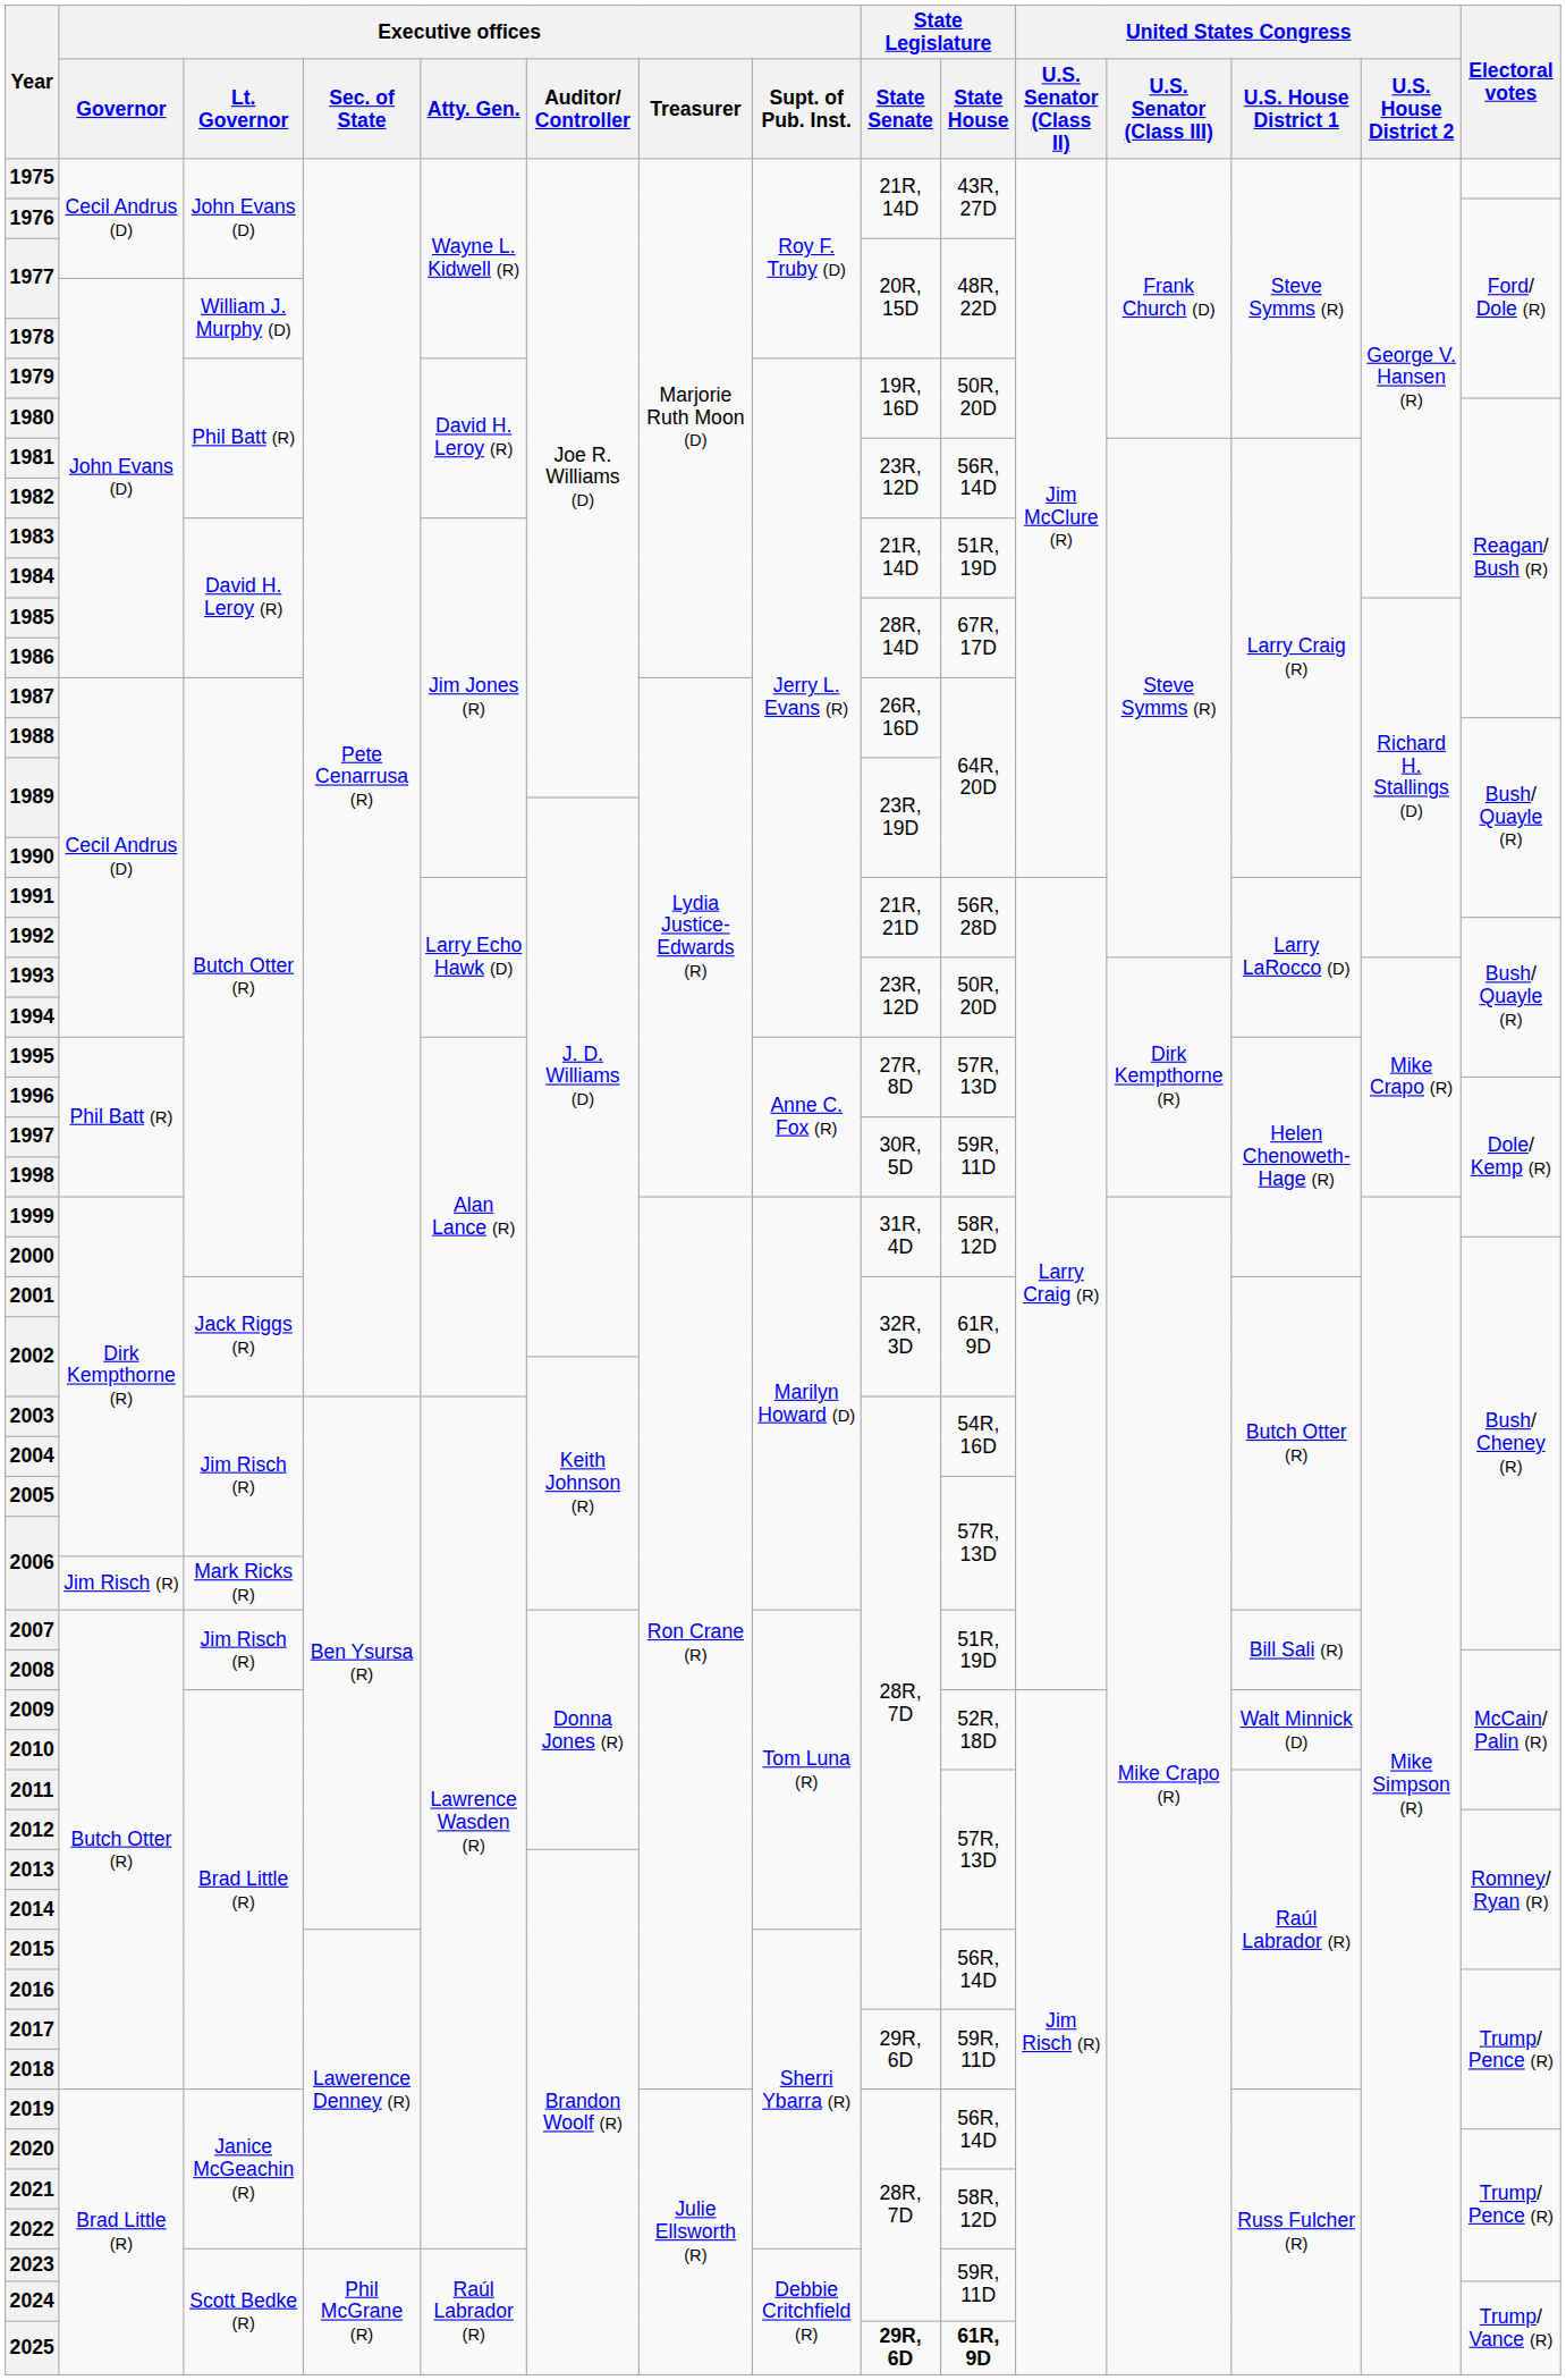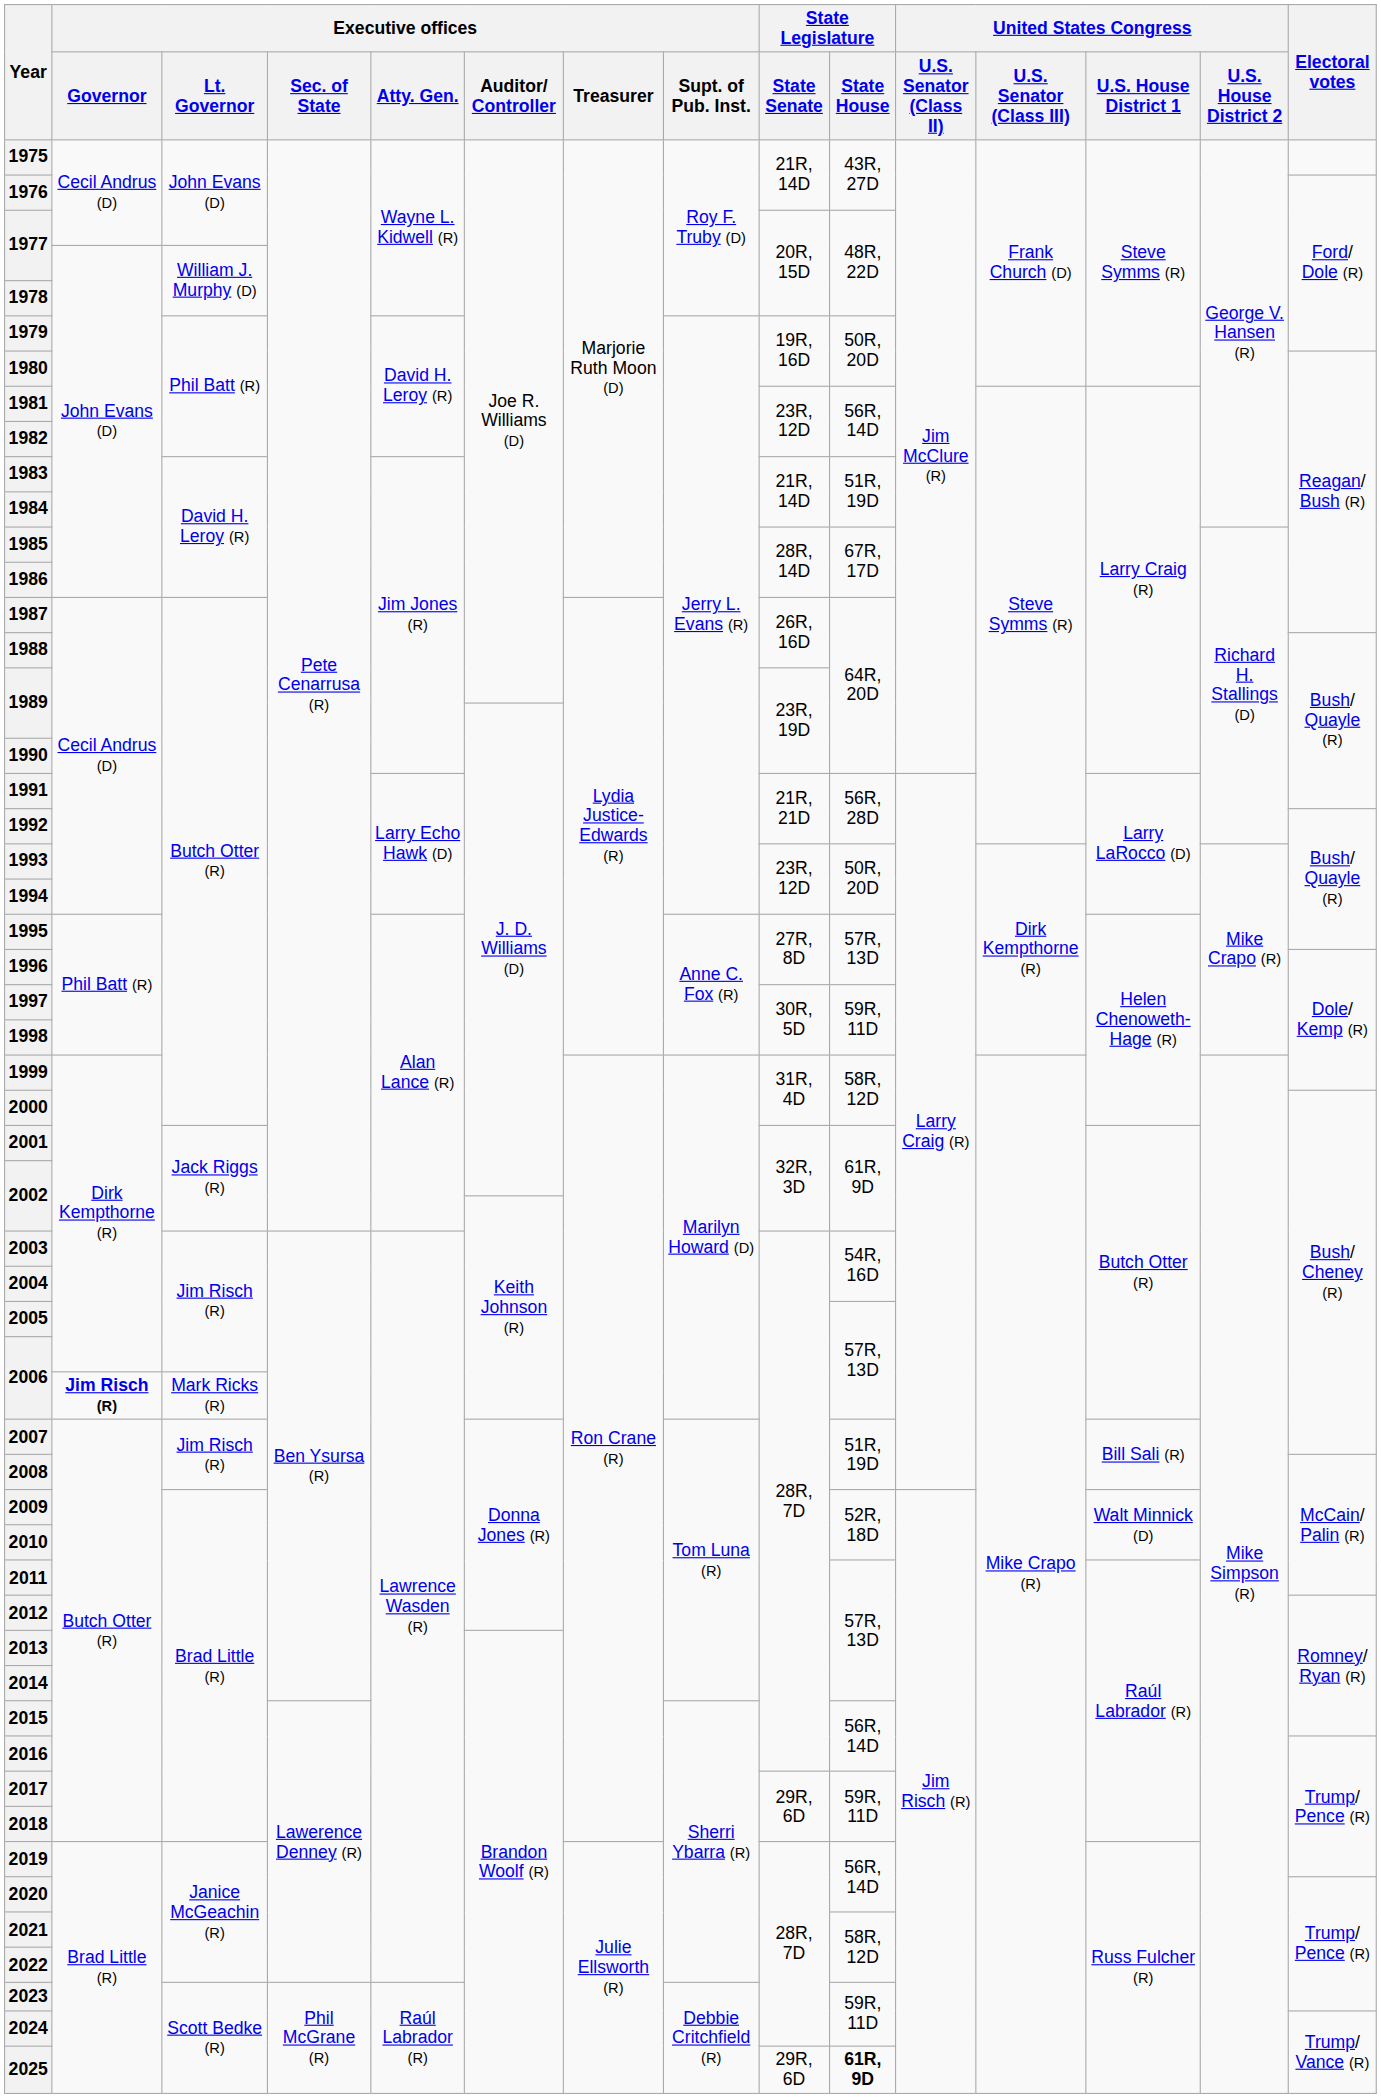 <table class="wikitable sortable sticky-header-multi" style=text-align:center>
 <tr>
 <th rowspan=2 class=unsortable>Year</th>
 <th colspan="7">Executive offices</th>
 <th colspan=2><a href='#'>State Legislature</a></th>
 <th colspan=4><a href='#'>United States Congress</a></th>
 <th rowspan=2 class=unsortable><a href='#'>Electoral votes</a></th>
 </tr>
 <tr style="height:2em">
 <th class=unsortable><a href='#'>Governor</a></th>
 <th class=unsortable><a href='#'>Lt. Governor</a></th>
 <th class=unsortable><a href='#'>Sec. of State</a></th>
 <th class=unsortable><a href='#'>Atty. Gen.</a></th>
 <th class=unsortable>Auditor/<br><a href='#'>Controller</a></th>
 <th class=unsortable>Treasurer</th>
 <th class=unsortable>Supt. of Pub. Inst.</th>
 <th class=unsortable><a href='#'>State Senate</a></th>
 <th class=unsortable><a href='#'>State House</a></th>
 <th class=unsortable><a href='#'>U.S. Senator<br>(Class II)</a></th>
 <th class=unsortable><a href='#'>U.S. Senator<br>(Class III)</a></th>
 <th class=unsortable><a href='#'>U.S. House<br>District 1</a></th>
 <th class=unsortable><a href='#'>U.S. House<br>District 2</a></th>
 </tr>
 <tr style="height:2em">
 <th>1975</th>
 <td rowspan=3 ><a href='#'>Cecil Andrus</a> <small>(D)</small></td>
 <td rowspan=3 ><a href='#'>John Evans</a> <small>(D)</small></td>
 <td rowspan=31 ><a href='#'>Pete Cenarrusa</a> <small>(R)</small></td>
 <td rowspan=5 ><a href='#'>Wayne L. Kidwell</a> <small>(R)</small></td>
 <td rowspan=16 >Joe R. Williams <small>(D)</small></td>
 <td rowspan=13 >Marjorie Ruth Moon <small>(D)</small></td>
 <td rowspan=5 ><a href='#'>Roy F. Truby</a> <small>(D)</small></td>
 <td rowspan=2 >21R, 14D</td>
 <td rowspan=2 >43R, 27D</td>
 <td rowspan=18 ><a href='#'>Jim McClure</a> <small>(R)</small></td>
 <td rowspan=7 ><a href='#'>Frank Church</a> <small>(D)</small></td>
 <td rowspan=7 ><a href='#'>Steve Symms</a> <small>(R)</small></td>
 <td rowspan=11 ><a href='#'>George V. Hansen</a> <small>(R)</small></td>
 <td></td>
 </tr>
 <tr style="height:2em">
 <th>1976</th>
 <td rowspan=5 ><a href='#'>Ford</a>/<br><a href='#'>Dole</a> <small>(R)</small> </td>
 </tr>
 <tr style="height:2em">
 <th rowspan=2>1977</th>
 <td rowspan=3 >20R, 15D</td>
 <td rowspan=3 >48R, 22D</td>
 </tr>
 <tr style="height:2em">
 <td rowspan=10 ><a href='#'>John Evans</a> <small>(D)</small></td>
 <td rowspan=2 ><a href='#'>William J. Murphy</a> <small>(D)</small></td>
 </tr>
 <tr style="height:2em">
 <th>1978</th>
 </tr>
 <tr style="height:2em">
 <th>1979</th>
 <td rowspan=4 ><a href='#'>Phil Batt</a> <small>(R)</small></td>
 <td rowspan=4 ><a href='#'>David H. Leroy</a> <small>(R)</small></td>
 <td rowspan=17 ><a href='#'>Jerry L. Evans</a> <small>(R)</small></td>
 <td rowspan=2 >19R, 16D</td>
 <td rowspan=2 >50R, 20D</td>
 </tr>
 <tr style="height:2em">
 <th>1980</th>
 <td rowspan=8 ><a href='#'>Reagan</a>/<br><a href='#'>Bush</a> <small>(R)</small> </td>
 </tr>
 <tr style="height:2em">
 <th>1981</th>
 <td rowspan=2 >23R, 12D</td>
 <td rowspan=2 >56R, 14D</td>
 <td rowspan=13 ><a href='#'>Steve Symms</a> <small>(R)</small></td>
 <td rowspan=11 ><a href='#'>Larry Craig</a> <small>(R)</small></td>
 </tr>
 <tr style="height:2em">
 <th>1982</th>
 </tr>
 <tr style="height:2em">
 <th>1983</th>
 <td rowspan=4 ><a href='#'>David H. Leroy</a> <small>(R)</small></td>
 <td rowspan=9 ><a href='#'>Jim Jones</a> <small>(R)</small></td>
 <td rowspan=2 >21R, 14D</td>
 <td rowspan=2 >51R, 19D</td>
 </tr>
 <tr style="height:2em">
 <th>1984</th>
 </tr>
 <tr style="height:2em">
 <th>1985</th>
 <td rowspan=2 >28R, 14D</td>
 <td rowspan=2 >67R, 17D</td>
 <td rowspan=9 ><a href='#'>Richard H. Stallings</a> <small>(D)</small></td>
 </tr>
 <tr style="height:2em">
 <th>1986</th>
 </tr>
 <tr style="height:2em">
 <th>1987</th>
 <td rowspan=9 ><a href='#'>Cecil Andrus</a> <small>(D)</small></td>
 <td rowspan=15 ><a href='#'>Butch Otter</a> <small>(R)</small></td>
 <td rowspan=13 ><a href='#'>Lydia Justice-Edwards</a> <small>(R)</small></td>
 <td rowspan=2 >26R, 16D</td>
 <td rowspan=5 >64R, 20D</td>
 </tr>
 <tr style="height:2em">
 <th>1988</th>
 <td rowspan=5 ><a href='#'>Bush</a>/<br><a href='#'>Quayle</a> <small>(R)</small> </td>
 </tr>
 <tr style="height:2em">
 <th rowspan=2>1989</th>
 <td rowspan=3 >23R, 19D</td>
 </tr>
 <tr style="height:2em">
 <td rowspan=14 ><a href='#'>J. D. Williams</a> <small>(D)</small></td>
 </tr>
 <tr style="height:2em">
 <th>1990</th>
 </tr>
 <tr style="height:2em">
 <th>1991</th>
 <td rowspan=4 ><a href='#'>Larry Echo Hawk</a> <small>(D)</small></td>
 <td rowspan=2 >21R, 21D</td>
 <td rowspan=2 >56R, 28D</td>
 <td rowspan=20 ><a href='#'>Larry Craig</a> <small>(R)</small></td>
 <td rowspan=4 ><a href='#'>Larry LaRocco</a> <small>(D)</small></td>
 </tr>
 <tr style="height:2em">
 <th>1992</th>
 <td rowspan=4 ><a href='#'>Bush</a>/<br><a href='#'>Quayle</a> <small>(R)</small> </td>
 </tr>
 <tr style="height:2em">
 <th>1993</th>
 <td rowspan=2 >23R, 12D</td>
 <td rowspan=2 >50R, 20D</td>
 <td rowspan=6 ><a href='#'>Dirk Kempthorne</a> <small>(R)</small></td>
 <td rowspan=6 ><a href='#'>Mike Crapo</a> <small>(R)</small></td>
 </tr>
 <tr style="height:2em">
 <th>1994</th>
 </tr>
 <tr style="height:2em">
 <th>1995</th>
 <td rowspan=4 ><a href='#'>Phil Batt</a> <small>(R)</small></td>
 <td rowspan=9 ><a href='#'>Alan Lance</a> <small>(R)</small></td>
 <td rowspan=4 ><a href='#'>Anne C. Fox</a> <small>(R)</small></td>
 <td rowspan=2 >27R, 8D</td>
 <td rowspan=2 >57R, 13D</td>
 <td rowspan=6 ><a href='#'>Helen Chenoweth-Hage</a> <small>(R)</small></td>
 </tr>
 <tr style="height:2em">
 <th>1996</th>
 <td rowspan=4 ><a href='#'>Dole</a>/<br><a href='#'>Kemp</a> <small>(R)</small> </td>
 </tr>
 <tr style="height:2em">
 <th>1997</th>
 <td rowspan=2 >30R, 5D</td>
 <td rowspan=2 >59R, 11D</td>
 </tr>
 <tr style="height:2em">
 <th>1998</th>
 </tr>
 <tr style="height:2em">
 <th>1999</th>
 <td rowspan=9 ><a href='#'>Dirk Kempthorne</a> <small>(R)</small></td>
 <td rowspan=22 ><a href='#'>Ron Crane</a> <small>(R)</small></td>
 <td rowspan=10 ><a href='#'>Marilyn Howard</a> <small>(D)</small></td>
 <td rowspan=2 >31R, 4D</td>
 <td rowspan=2 >58R, 12D</td>
 <td rowspan=29 ><a href='#'>Mike Crapo</a> <small>(R)</small></td>
 <td rowspan=29 ><a href='#'>Mike Simpson</a> <small>(R)</small></td>
 </tr>
 <tr style="height:2em">
 <th>2000</th>
 <td rowspan=10 ><a href='#'>Bush</a>/<br><a href='#'>Cheney</a> <small>(R)</small> </td>
 </tr>
 <tr style="height:2em">
 <th>2001</th>
 <td rowspan=3 ><a href='#'>Jack Riggs</a> <small>(R)</small></td>
 <td rowspan=3 >32R, 3D</td>
 <td rowspan=3 >61R, 9D</td>
 <td rowspan=8 ><a href='#'>Butch Otter</a> <small>(R)</small></td>
 </tr>
 <tr style="height:2em">
 <th rowspan=2>2002</th>
 </tr>
 <tr style="height:2em">
 <td rowspan=6 ><a href='#'>Keith Johnson</a> <small>(R)</small></td>
 </tr>
 <tr style="height:2em">
 <th>2003</th>
 <td rowspan=4 ><a href='#'>Jim Risch</a> <small>(R)</small></td>
 <td rowspan=13 ><a href='#'>Ben Ysursa</a> <small>(R)</small></td>
 <td rowspan=21 ><a href='#'>Lawrence Wasden</a> <small>(R)</small></td>
 <td rowspan=15 >28R, 7D</td>
 <td rowspan=2 >54R, 16D</td>
 </tr>
 <tr style="height:2em">
 <th>2004</th>
 </tr>
 <tr style="height:2em">
 <th>2005</th>
 <td rowspan=3 >57R, 13D</td>
 </tr>
 <tr style="height:2em">
 <th rowspan=2>2006</th>
 </tr>
 <tr style="height:2em">
-<td><a href='#'>Jim Risch</a> <small>(R)</small></td>
+<td><strong><a href='#'>Jim Risch</a> <small>(R)</small></strong></td>
 <td><a href='#'>Mark Ricks</a> <small>(R)</small></td>
 </tr>
 <tr style="height:2em">
 <th>2007</th>
 <td rowspan=12 ><a href='#'>Butch Otter</a> <small>(R)</small></td>
 <td rowspan=2 ><a href='#'>Jim Risch</a> <small>(R)</small></td>
 <td rowspan=6 ><a href='#'>Donna Jones</a> <small>(R)</small></td>
 <td rowspan=8 ><a href='#'>Tom Luna</a> <small>(R)</small></td>
 <td rowspan=2 >51R, 19D</td>
 <td rowspan=2 ><a href='#'>Bill Sali</a> <small>(R)</small></td>
 </tr>
 <tr style="height:2em">
 <th>2008</th>
 <td rowspan=4 ><a href='#'>McCain</a>/<br><a href='#'>Palin</a> <small>(R)</small> </td>
 </tr>
 <tr style="height:2em">
 <th>2009</th>
 <td rowspan=10 ><a href='#'>Brad Little</a> <small>(R)</small></td>
 <td rowspan=2 >52R, 18D</td>
 <td rowspan=17 ><a href='#'>Jim Risch</a> <small>(R)</small></td>
 <td rowspan=2 ><a href='#'>Walt Minnick</a> <small>(D)</small></td>
 </tr>
 <tr style="height:2em">
 <th>2010</th>
 </tr>
 <tr style="height:2em">
 <th>2011</th>
 <td rowspan=4 >57R, 13D</td>
 <td rowspan=8 ><a href='#'>Raúl Labrador</a> <small>(R)</small></td>
 </tr>
 <tr style="height:2em">
 <th>2012</th>
 <td rowspan=4 ><a href='#'>Romney</a>/<br><a href='#'>Ryan</a> <small>(R)</small> </td>
 </tr>
 <tr style="height:2em">
 <th>2013</th>
 <td rowspan=13 ><a href='#'>Brandon Woolf</a> <small>(R)</small></td>
 </tr>
 <tr style="height:2em">
 <th>2014</th>
 </tr>
 <tr style="height:2em">
 <th>2015</th>
 <td rowspan=8 ><a href='#'>Lawerence Denney</a> <small>(R)</small></td>
 <td rowspan=8 ><a href='#'>Sherri Ybarra</a> <small>(R)</small></td>
 <td rowspan=2 >56R, 14D</td>
 </tr>
 <tr style="height:2em">
 <th>2016</th>
 <td rowspan=4 ><a href='#'>Trump</a>/<br><a href='#'>Pence</a> <small>(R)</small> </td>
 </tr>
 <tr style="height:2em">
 <th>2017</th>
 <td rowspan=2 >29R, 6D</td>
 <td rowspan=2 >59R, 11D</td>
 </tr>
 <tr style="height:2em">
 <th>2018</th>
 </tr>
 <tr style="height:2em">
 <th>2019</th>
 <td rowspan=7 ><a href='#'>Brad Little</a> <small>(R)</small></td>
 <td rowspan=4 ><a href='#'>Janice McGeachin</a> <small>(R)</small></td>
 <td rowspan=7 ><a href='#'>Julie Ellsworth</a> <small>(R)</small></td>
 <td rowspan=6 >28R, 7D</td>
 <td rowspan=2 >56R, 14D</td>
 <td rowspan=7 ><a href='#'>Russ Fulcher</a> <small>(R)</small></td>
 </tr>
 <tr style="height:2em">
 <th>2020</th>
 <td rowspan=4 ><a href='#'>Trump</a>/<br><a href='#'>Pence</a> <small>(R)</small> </td>
 </tr>
 <tr style="height:2em">
 <th>2021</th>
 <td rowspan=2 >58R, 12D</td>
 </tr>
 <tr style="height:2em">
 <th>2022</th>
 </tr>
 <tr>
 <th>2023</th>
 <td rowspan=3 ><a href='#'>Scott Bedke</a> <small>(R)</small></td>
 <td rowspan=3 ><a href='#'>Phil McGrane</a> <small>(R)</small></td>
 <td rowspan=3 ><a href='#'>Raúl Labrador</a> <small>(R)</small></td>
 <td rowspan=3 ><a href='#'>Debbie Critchfield</a> <small>(R)</small></td>
 <td rowspan=2 >59R, 11D</td>
 </tr>
 <tr style="height:2em">
 <th>2024</th>
 <td rowspan=2 ><a href='#'>Trump</a>/<br><a href='#'>Vance</a> <small>(R)</small> </td>
 </tr>
 <tr style="height:2em">
 <th>2025</th>
-<td><strong>29R, 6D</strong></td>
+<td>29R, 6D</td>
 <td><strong>61R, 9D</strong></td>
 </tr>
 </table>
